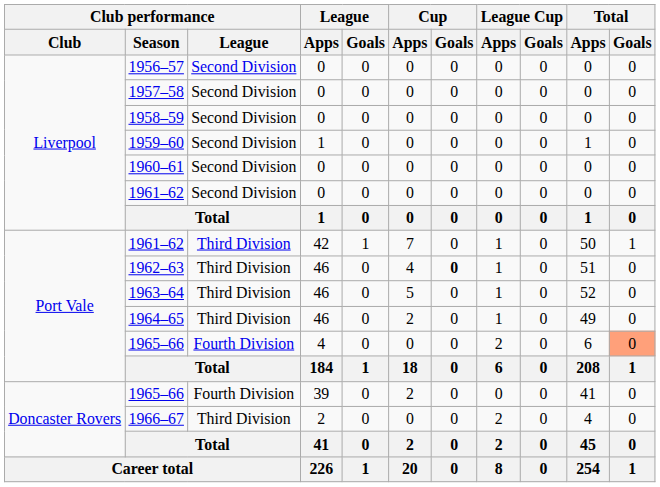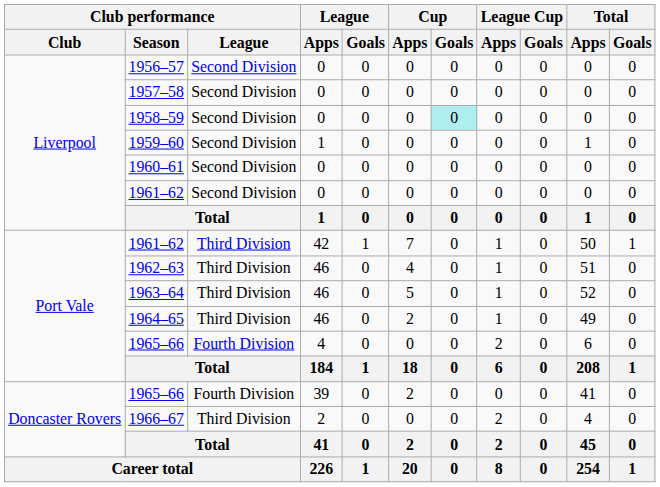 <table class="wikitable" style="text-align:center">
 <tr>
 <th colspan=3>Club performance</th>
 <th colspan=2>League</th>
 <th colspan=2>Cup</th>
 <th colspan=2>League Cup</th>
 <th colspan=2>Total</th>
 </tr>
 <tr>
 <th>Club</th>
 <th>Season</th>
 <th>League</th>
 <th>Apps</th>
 <th>Goals</th>
 <th>Apps</th>
 <th>Goals</th>
 <th>Apps</th>
 <th>Goals</th>
 <th>Apps</th>
 <th>Goals</th>
 </tr>
 <tr>
 <td rowspan="7"><a href='#'>Liverpool</a></td>
 <td><a href='#'>1956–57</a></td>
 <td><a href='#'>Second Division</a></td>
 <td>0</td>
 <td>0</td>
 <td>0</td>
 <td>0</td>
 <td>0</td>
 <td>0</td>
 <td>0</td>
 <td>0</td>
 </tr>
 <tr>
 <td><a href='#'>1957–58</a></td>
 <td>Second Division</td>
 <td>0</td>
 <td>0</td>
 <td>0</td>
 <td>0</td>
 <td>0</td>
 <td>0</td>
 <td>0</td>
 <td>0</td>
 </tr>
 <tr>
 <td><a href='#'>1958–59</a></td>
 <td>Second Division</td>
 <td>0</td>
 <td>0</td>
 <td>0</td>
-<td>0</td>
+<td style="background: paleturquoise;">0</td>
 <td>0</td>
 <td>0</td>
 <td>0</td>
 <td>0</td>
 </tr>
 <tr>
 <td><a href='#'>1959–60</a></td>
 <td>Second Division</td>
 <td>1</td>
 <td>0</td>
 <td>0</td>
 <td>0</td>
 <td>0</td>
 <td>0</td>
 <td>1</td>
 <td>0</td>
 </tr>
 <tr>
 <td><a href='#'>1960–61</a></td>
 <td>Second Division</td>
 <td>0</td>
 <td>0</td>
 <td>0</td>
 <td>0</td>
 <td>0</td>
 <td>0</td>
 <td>0</td>
 <td>0</td>
 </tr>
 <tr>
 <td><a href='#'>1961–62</a></td>
 <td>Second Division</td>
 <td>0</td>
 <td>0</td>
 <td>0</td>
 <td>0</td>
 <td>0</td>
 <td>0</td>
 <td>0</td>
 <td>0</td>
 </tr>
 <tr>
 <th colspan=2>Total</th>
 <th>1</th>
 <th>0</th>
 <th>0</th>
 <th>0</th>
 <th>0</th>
 <th>0</th>
 <th>1</th>
 <th>0</th>
 </tr>
 <tr>
 <td rowspan="6"><a href='#'>Port Vale</a></td>
 <td><a href='#'>1961–62</a></td>
 <td><a href='#'>Third Division</a></td>
 <td>42</td>
 <td>1</td>
 <td>7</td>
 <td>0</td>
 <td>1</td>
 <td>0</td>
 <td>50</td>
 <td>1</td>
 </tr>
 <tr>
 <td><a href='#'>1962–63</a></td>
 <td>Third Division</td>
 <td>46</td>
 <td>0</td>
 <td>4</td>
-<td><strong>0</strong></td>
+<td>0</td>
 <td>1</td>
 <td>0</td>
 <td>51</td>
 <td>0</td>
 </tr>
 <tr>
 <td><a href='#'>1963–64</a></td>
 <td>Third Division</td>
 <td>46</td>
 <td>0</td>
 <td>5</td>
 <td>0</td>
 <td>1</td>
 <td>0</td>
 <td>52</td>
 <td>0</td>
 </tr>
 <tr>
 <td><a href='#'>1964–65</a></td>
 <td>Third Division</td>
 <td>46</td>
 <td>0</td>
 <td>2</td>
 <td>0</td>
 <td>1</td>
 <td>0</td>
 <td>49</td>
 <td>0</td>
 </tr>
 <tr>
 <td><a href='#'>1965–66</a></td>
 <td><a href='#'>Fourth Division</a></td>
 <td>4</td>
 <td>0</td>
 <td>0</td>
 <td>0</td>
 <td>2</td>
 <td>0</td>
 <td>6</td>
-<td style="background: lightsalmon;">0</td>
+<td>0</td>
 </tr>
 <tr>
 <th colspan=2>Total</th>
 <th>184</th>
 <th>1</th>
 <th>18</th>
 <th>0</th>
 <th>6</th>
 <th>0</th>
 <th>208</th>
 <th>1</th>
 </tr>
 <tr>
 <td rowspan="3"><a href='#'>Doncaster Rovers</a></td>
 <td><a href='#'>1965–66</a></td>
 <td>Fourth Division</td>
 <td>39</td>
 <td>0</td>
 <td>2</td>
 <td>0</td>
 <td>0</td>
 <td>0</td>
 <td>41</td>
 <td>0</td>
 </tr>
 <tr>
 <td><a href='#'>1966–67</a></td>
 <td>Third Division</td>
 <td>2</td>
 <td>0</td>
 <td>0</td>
 <td>0</td>
 <td>2</td>
 <td>0</td>
 <td>4</td>
 <td>0</td>
 </tr>
 <tr>
 <th colspan=2>Total</th>
 <th>41</th>
 <th>0</th>
 <th>2</th>
 <th>0</th>
 <th>2</th>
 <th>0</th>
 <th>45</th>
 <th>0</th>
 </tr>
 <tr>
 <th colspan=3>Career total</th>
 <th>226</th>
 <th>1</th>
 <th>20</th>
 <th>0</th>
 <th>8</th>
 <th>0</th>
 <th>254</th>
 <th>1</th>
 </tr>
 </table>
